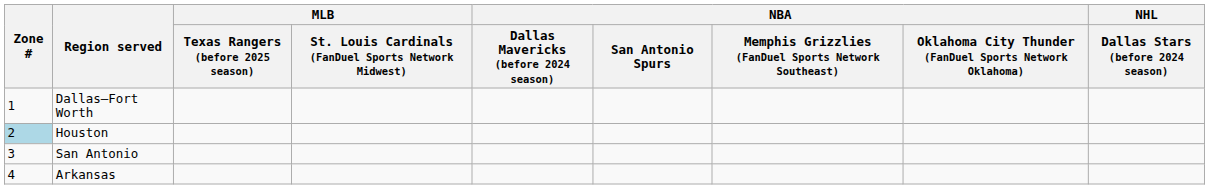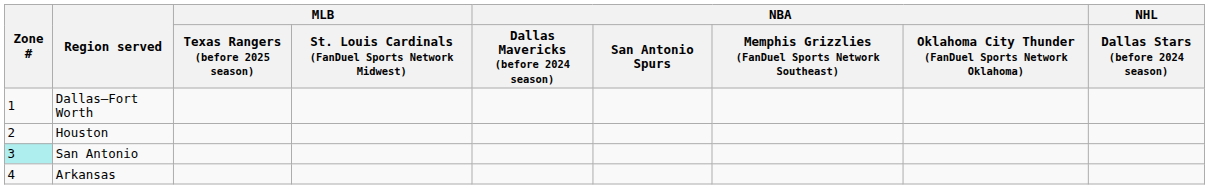 <table class="wikitable">
 <tr>
 <th rowspan="2">Zone #</th>
 <th rowspan="2">Region served</th>
 <th colspan="2">MLB</th>
 <th colspan="4">NBA</th>
 <th>NHL</th>
 </tr>
 <tr>
 <th>Texas Rangers<br><small>(before 2025 season)</small></th>
 <th>St. Louis Cardinals<br><small>(FanDuel Sports Network Midwest)</small></th>
 <th>Dallas Mavericks<br><small>(before 2024 season)</small></th>
 <th>San Antonio Spurs</th>
 <th>Memphis Grizzlies<br><small>(FanDuel Sports Network Southeast)</small></th>
 <th>Oklahoma City Thunder<br><small>(FanDuel Sports Network Oklahoma)</small></th>
 <th>Dallas Stars<br><small>(before 2024 season)</small></th>
 </tr>
 <tr>
 <td>1</td>
 <td>Dallas–Fort Worth</td>
 <td></td>
 <td></td>
 <td></td>
 <td></td>
 <td></td>
 <td></td>
 <td></td>
 </tr>
 <tr>
-<td style="background: lightblue;">2</td>
+<td>2</td>
 <td>Houston</td>
 <td></td>
 <td></td>
 <td></td>
 <td></td>
 <td></td>
 <td></td>
 <td></td>
 </tr>
 <tr>
-<td>3</td>
+<td style="background: paleturquoise;">3</td>
 <td>San Antonio</td>
 <td></td>
 <td></td>
 <td></td>
 <td></td>
 <td></td>
 <td></td>
 <td></td>
 </tr>
 <tr>
 <td>4</td>
 <td>Arkansas</td>
 <td></td>
 <td></td>
 <td></td>
 <td></td>
 <td></td>
 <td></td>
 <td></td>
 </tr>
 </table>
